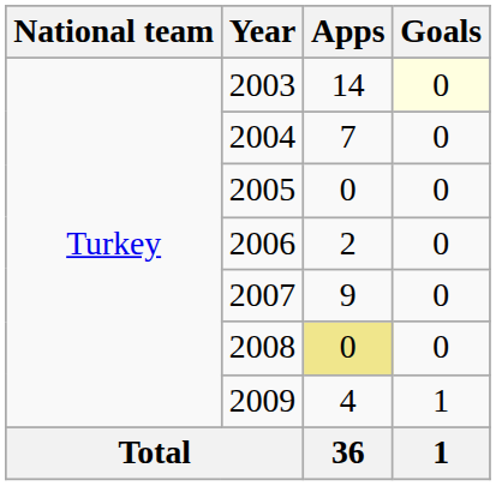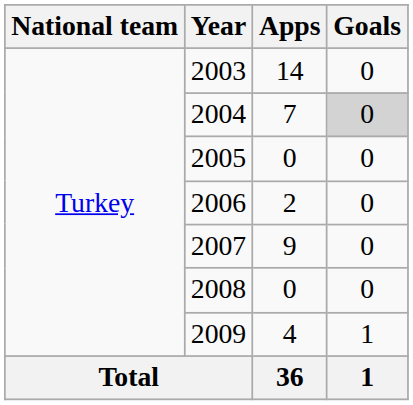 <table class="wikitable" style="text-align:center">
 <tr>
 <th>National team</th>
 <th>Year</th>
 <th>Apps</th>
 <th>Goals</th>
 </tr>
 <tr>
 <td rowspan="7"><a href='#'>Turkey</a></td>
 <td>2003</td>
 <td>14</td>
-<td style="background: lightyellow;">0</td>
+<td>0</td>
 </tr>
 <tr>
 <td>2004</td>
 <td>7</td>
-<td>0</td>
+<td style="background: lightgrey;">0</td>
 </tr>
 <tr>
 <td>2005</td>
 <td>0</td>
 <td>0</td>
 </tr>
 <tr>
 <td>2006</td>
 <td>2</td>
 <td>0</td>
 </tr>
 <tr>
 <td>2007</td>
 <td>9</td>
 <td>0</td>
 </tr>
 <tr>
 <td>2008</td>
-<td style="background: khaki;">0</td>
+<td>0</td>
 <td>0</td>
 </tr>
 <tr>
 <td>2009</td>
 <td>4</td>
 <td>1</td>
 </tr>
 <tr>
 <th colspan="2">Total</th>
 <th>36</th>
 <th>1</th>
 </tr>
 </table>
